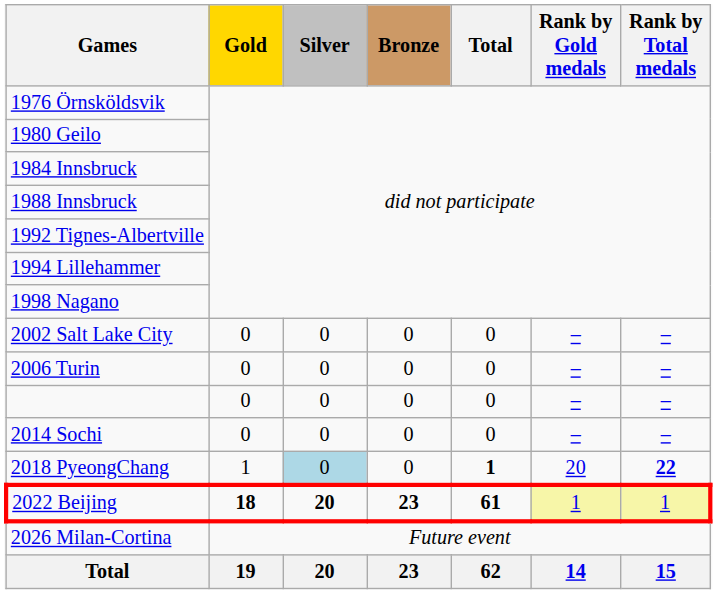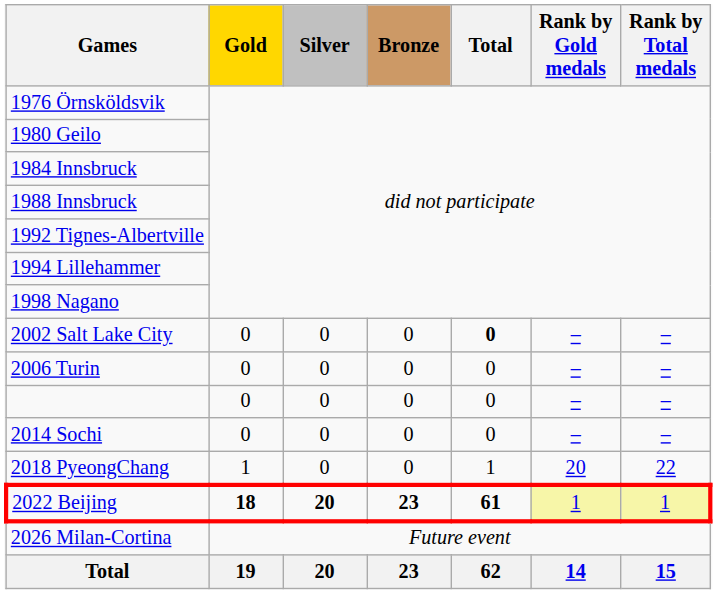 <table class="wikitable" style="text-align:center; font-size:90%;">
 <tr>
 <th>Games</th>
 <td style="background:gold; width:3.2em; font-weight:bold;">Gold</td>
 <td style="background:silver; width:3.7em; font-weight:bold;">Silver</td>
 <td style="background:#c96; width:3.7em; font-weight:bold;">Bronze</td>
 <th style="width:3.5em; font-weight:bold;">Total</th>
 <th style="width:4em; font-weight:bold;">Rank by <a href='#'>Gold medals</a></th>
 <th style="width:4em; font-weight:bold;">Rank by <a href='#'>Total medals</a></th>
 </tr>
 <tr>
 <td align=left> <a href='#'>1976 Örnsköldsvik</a></td>
 <td colspan=7 rowspan=7><em>did not participate</em></td>
 </tr>
 <tr>
 <td align=left> <a href='#'>1980 Geilo</a></td>
 </tr>
 <tr>
 <td align=left> <a href='#'>1984 Innsbruck</a></td>
 </tr>
 <tr>
 <td align=left> <a href='#'>1988 Innsbruck</a></td>
 </tr>
 <tr>
 <td align=left> <a href='#'>1992 Tignes-Albertville</a></td>
 </tr>
 <tr>
 <td align=left> <a href='#'>1994 Lillehammer</a></td>
 </tr>
 <tr>
 <td align=left> <a href='#'>1998 Nagano</a></td>
 </tr>
 <tr>
 <td align=left> <a href='#'>2002 Salt Lake City</a></td>
 <td>0</td>
 <td>0</td>
 <td>0</td>
-<td>0</td>
+<td><strong>0</strong></td>
 <td><a href='#'>–</a></td>
 <td><a href='#'>–</a></td>
 </tr>
 <tr>
 <td align=left> <a href='#'>2006 Turin</a></td>
 <td>0</td>
 <td>0</td>
 <td>0</td>
 <td>0</td>
 <td><a href='#'>–</a></td>
 <td><a href='#'>–</a></td>
 </tr>
 <tr>
 <td align=left></td>
 <td>0</td>
 <td>0</td>
 <td>0</td>
 <td>0</td>
 <td><a href='#'>–</a></td>
 <td><a href='#'>–</a></td>
 </tr>
 <tr>
 <td align=left> <a href='#'>2014 Sochi</a></td>
 <td>0</td>
 <td>0</td>
 <td>0</td>
 <td>0</td>
 <td><a href='#'>–</a></td>
 <td><a href='#'>–</a></td>
 </tr>
 <tr>
 <td align=left> <a href='#'>2018 PyeongChang</a></td>
 <td>1</td>
-<td style="background: lightblue;">0</td>
 <td>0</td>
-<td><strong>1</strong></td>
+<td>0</td>
+<td>1</td>
 <td><a href='#'>20</a></td>
-<td><strong><a href='#'>22</a></strong></td>
+<td><a href='#'>22</a></td>
 </tr>
 <tr>
 </tr>
 <tr style="border: 3px solid red">
 <td align=left> <a href='#'>2022 Beijing</a></td>
 <td><strong>18</strong></td>
 <td><strong>20</strong></td>
 <td><strong>23</strong></td>
 <td><strong>61</strong></td>
 <td style="background:#f7f6a8;"><a href='#'>1</a></td>
 <td style="background:#f7f6a8;"><a href='#'>1</a></td>
 </tr>
 <tr>
 <td align=left> <a href='#'>2026 Milan-Cortina</a></td>
 <td colspan=6; rowspan=1><em>Future event</em></td>
 </tr>
 <tr>
 <th>Total</th>
 <th>19</th>
 <th>20</th>
 <th>23</th>
 <th>62</th>
 <th><a href='#'>14</a></th>
 <th><a href='#'>15</a></th>
 </tr>
 </table>
